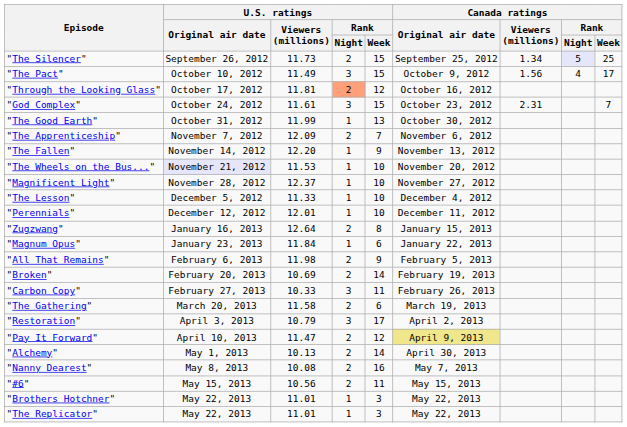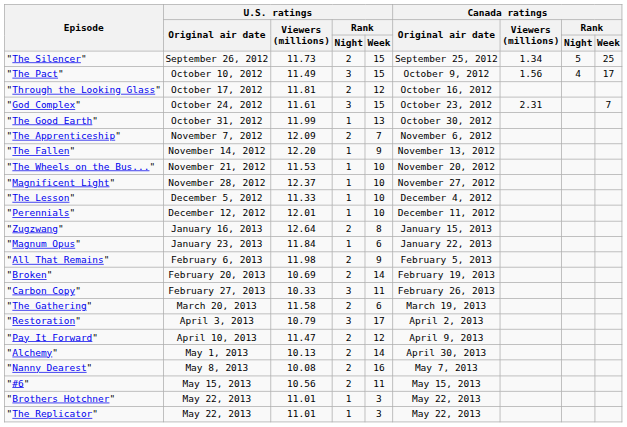 <table class="wikitable" style="text-align:center;">
 <tr>
 <th rowspan="3">Episode</th>
 <th colspan="4">U.S. ratings</th>
 <th colspan="4">Canada ratings</th>
 </tr>
 <tr>
 <th rowspan="2">Original air date</th>
 <th rowspan="2">Viewers<br>(millions)</th>
 <th colspan="2">Rank</th>
 <th rowspan="2">Original air date</th>
 <th rowspan="2">Viewers<br>(millions)</th>
 <th colspan="2">Rank</th>
 </tr>
 <tr>
 <th>Night</th>
 <th>Week</th>
 <th>Night</th>
 <th>Week</th>
 </tr>
 <tr>
 <td style="text-align:left;">"<a href='#'>The Silencer</a>"</td>
 <td>September 26, 2012</td>
 <td>11.73</td>
 <td>2</td>
 <td>15</td>
 <td>September 25, 2012</td>
 <td>1.34</td>
-<td style="background: lavender;">5</td>
+<td>5</td>
 <td>25</td>
 </tr>
 <tr>
 <td style="text-align:left;">"<a href='#'>The Pact</a>"</td>
 <td>October 10, 2012</td>
 <td>11.49</td>
 <td>3</td>
 <td>15</td>
 <td>October 9, 2012</td>
 <td>1.56</td>
 <td>4</td>
 <td>17</td>
 </tr>
 <tr>
 <td style="text-align:left;">"<a href='#'>Through the Looking Glass</a>"</td>
 <td>October 17, 2012</td>
 <td>11.81</td>
-<td style="background: lightsalmon;">2</td>
+<td>2</td>
 <td>12</td>
 <td>October 16, 2012</td>
 <td></td>
 <td></td>
 <td></td>
 </tr>
 <tr>
 <td style="text-align:left;">"<a href='#'>God Complex</a>"</td>
 <td>October 24, 2012</td>
 <td>11.61</td>
 <td>3</td>
 <td>15</td>
 <td>October 23, 2012</td>
 <td>2.31</td>
 <td></td>
 <td>7</td>
 </tr>
 <tr>
 <td style="text-align:left;">"<a href='#'>The Good Earth</a>"</td>
 <td>October 31, 2012</td>
 <td>11.99</td>
 <td>1</td>
 <td>13</td>
 <td>October 30, 2012</td>
 <td></td>
 <td></td>
 <td></td>
 </tr>
 <tr>
 <td style="text-align:left;">"<a href='#'>The Apprenticeship</a>"</td>
 <td>November 7, 2012</td>
 <td>12.09</td>
 <td>2</td>
 <td>7</td>
 <td>November 6, 2012</td>
 <td></td>
 <td></td>
 <td></td>
 </tr>
 <tr>
 <td style="text-align:left;">"<a href='#'>The Fallen</a>"</td>
 <td>November 14, 2012</td>
 <td>12.20</td>
 <td>1</td>
 <td>9</td>
 <td>November 13, 2012</td>
 <td></td>
 <td></td>
 <td></td>
 </tr>
 <tr>
 <td style="text-align:left;">"<a href='#'>The Wheels on the Bus...</a>"</td>
-<td style="background: lavender;">November 21, 2012</td>
+<td>November 21, 2012</td>
 <td>11.53</td>
 <td>1</td>
 <td>10</td>
 <td>November 20, 2012</td>
 <td></td>
 <td></td>
 <td></td>
 </tr>
 <tr>
 <td style="text-align:left;">"<a href='#'>Magnificent Light</a>"</td>
 <td>November 28, 2012</td>
 <td>12.37</td>
 <td>1</td>
 <td>10</td>
 <td>November 27, 2012</td>
 <td></td>
 <td></td>
 <td></td>
 </tr>
 <tr>
 <td style="text-align:left;">"<a href='#'>The Lesson</a>"</td>
 <td>December 5, 2012</td>
 <td>11.33</td>
 <td>1</td>
 <td>10</td>
 <td>December 4, 2012</td>
 <td></td>
 <td></td>
 <td></td>
 </tr>
 <tr>
 <td style="text-align:left;">"<a href='#'>Perennials</a>"</td>
 <td>December 12, 2012</td>
 <td>12.01</td>
 <td>1</td>
 <td>10</td>
 <td>December 11, 2012</td>
 <td></td>
 <td></td>
 <td></td>
 </tr>
 <tr>
 <td style="text-align:left;">"<a href='#'>Zugzwang</a>"</td>
 <td>January 16, 2013</td>
 <td>12.64</td>
 <td>2</td>
 <td>8</td>
 <td>January 15, 2013</td>
 <td></td>
 <td></td>
 <td></td>
 </tr>
 <tr>
 <td style="text-align:left;">"<a href='#'>Magnum Opus</a>"</td>
 <td>January 23, 2013</td>
 <td>11.84</td>
 <td>1</td>
 <td>6</td>
 <td>January 22, 2013</td>
 <td></td>
 <td></td>
 <td></td>
 </tr>
 <tr>
 <td style="text-align:left;">"<a href='#'>All That Remains</a>"</td>
 <td>February 6, 2013</td>
 <td>11.98</td>
 <td>2</td>
 <td>9</td>
 <td>February 5, 2013</td>
 <td></td>
 <td></td>
 <td></td>
 </tr>
 <tr>
 <td style="text-align:left;">"<a href='#'>Broken</a>"</td>
 <td>February 20, 2013</td>
 <td>10.69</td>
 <td>2</td>
 <td>14</td>
 <td>February 19, 2013</td>
 <td></td>
 <td></td>
 <td></td>
 </tr>
 <tr>
 <td style="text-align:left;">"<a href='#'>Carbon Copy</a>"</td>
 <td>February 27, 2013</td>
 <td>10.33</td>
 <td>3</td>
 <td>11</td>
 <td>February 26, 2013</td>
 <td></td>
 <td></td>
 <td></td>
 </tr>
 <tr>
 <td style="text-align:left;">"<a href='#'>The Gathering</a>"</td>
 <td>March 20, 2013</td>
 <td>11.58</td>
 <td>2</td>
 <td>6</td>
 <td>March 19, 2013</td>
 <td></td>
 <td></td>
 <td></td>
 </tr>
 <tr>
 <td style="text-align:left;">"<a href='#'>Restoration</a>"</td>
 <td>April 3, 2013</td>
 <td>10.79</td>
 <td>3</td>
 <td>17</td>
 <td>April 2, 2013</td>
 <td></td>
 <td></td>
 <td></td>
 </tr>
 <tr>
 <td style="text-align:left;">"<a href='#'>Pay It Forward</a>"</td>
 <td>April 10, 2013</td>
 <td>11.47</td>
 <td>2</td>
 <td>12</td>
-<td style="background: khaki;">April 9, 2013</td>
+<td>April 9, 2013</td>
 <td></td>
 <td></td>
 <td></td>
 </tr>
 <tr>
 <td style="text-align:left;">"<a href='#'>Alchemy</a>"</td>
 <td>May 1, 2013</td>
 <td>10.13</td>
 <td>2</td>
 <td>14</td>
 <td>April 30, 2013</td>
 <td></td>
 <td></td>
 <td></td>
 </tr>
 <tr>
 <td style="text-align:left;">"<a href='#'>Nanny Dearest</a>"</td>
 <td>May 8, 2013</td>
 <td>10.08</td>
 <td>2</td>
 <td>16</td>
 <td>May 7, 2013</td>
 <td></td>
 <td></td>
 <td></td>
 </tr>
 <tr>
 <td style="text-align:left;">"<a href='#'>#6</a>"</td>
 <td>May 15, 2013</td>
 <td>10.56</td>
 <td>2</td>
 <td>11</td>
 <td>May 15, 2013</td>
 <td></td>
 <td></td>
 <td></td>
 </tr>
 <tr>
 <td style="text-align:left;">"<a href='#'>Brothers Hotchner</a>"</td>
 <td>May 22, 2013</td>
 <td>11.01</td>
 <td>1</td>
 <td>3</td>
 <td>May 22, 2013</td>
 <td></td>
 <td></td>
 <td></td>
 </tr>
 <tr>
 <td style="text-align:left;">"<a href='#'>The Replicator</a>"</td>
 <td>May 22, 2013</td>
 <td>11.01</td>
 <td>1</td>
 <td>3</td>
 <td>May 22, 2013</td>
 <td></td>
 <td></td>
 <td></td>
 </tr>
 </table>
